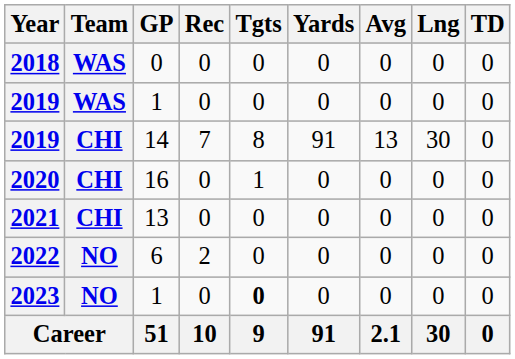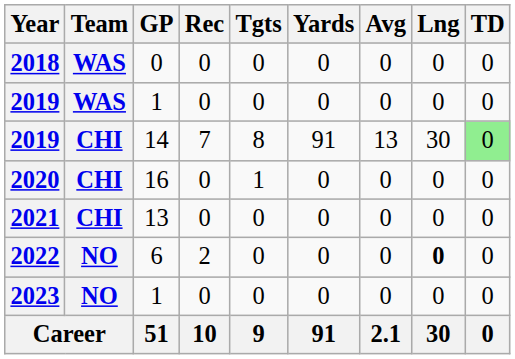 <table class= "wikitable" style="text-align:center;">
 <tr>
 <th>Year</th>
 <th>Team</th>
 <th>GP</th>
 <th>Rec</th>
 <th>Tgts</th>
 <th>Yards</th>
 <th>Avg</th>
 <th>Lng</th>
 <th>TD</th>
 </tr>
 <tr>
 <th><a href='#'>2018</a></th>
 <th><a href='#'>WAS</a></th>
 <td>0</td>
 <td>0</td>
 <td>0</td>
 <td>0</td>
 <td>0</td>
 <td>0</td>
 <td>0</td>
 </tr>
 <tr>
 <th><a href='#'>2019</a></th>
 <th><a href='#'>WAS</a></th>
 <td>1</td>
 <td>0</td>
 <td>0</td>
 <td>0</td>
 <td>0</td>
 <td>0</td>
 <td>0</td>
 </tr>
 <tr>
 <th><a href='#'>2019</a></th>
 <th><a href='#'>CHI</a></th>
 <td>14</td>
 <td>7</td>
 <td>8</td>
 <td>91</td>
 <td>13</td>
 <td>30</td>
-<td>0</td>
+<td style="background: lightgreen;">0</td>
 </tr>
 <tr>
 <th><a href='#'>2020</a></th>
 <th><a href='#'>CHI</a></th>
 <td>16</td>
 <td>0</td>
 <td>1</td>
 <td>0</td>
 <td>0</td>
 <td>0</td>
 <td>0</td>
 </tr>
 <tr>
 <th><a href='#'>2021</a></th>
 <th><a href='#'>CHI</a></th>
 <td>13</td>
 <td>0</td>
 <td>0</td>
 <td>0</td>
 <td>0</td>
 <td>0</td>
 <td>0</td>
 </tr>
 <tr>
 <th><a href='#'>2022</a></th>
 <th><a href='#'>NO</a></th>
 <td>6</td>
 <td>2</td>
 <td>0</td>
 <td>0</td>
 <td>0</td>
-<td>0</td>
+<td><strong>0</strong></td>
 <td>0</td>
 </tr>
 <tr>
 <th><a href='#'>2023</a></th>
 <th><a href='#'>NO</a></th>
 <td>1</td>
 <td>0</td>
-<td><strong>0</strong></td>
+<td>0</td>
 <td>0</td>
 <td>0</td>
 <td>0</td>
 <td>0</td>
 </tr>
 <tr>
 <th colspan="2">Career </th>
 <th>51</th>
 <th>10</th>
 <th>9</th>
 <th>91</th>
 <th>2.1</th>
 <th>30</th>
 <th>0</th>
 </tr>
 </table>
